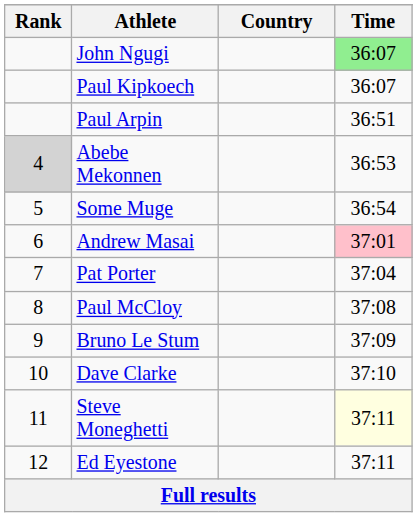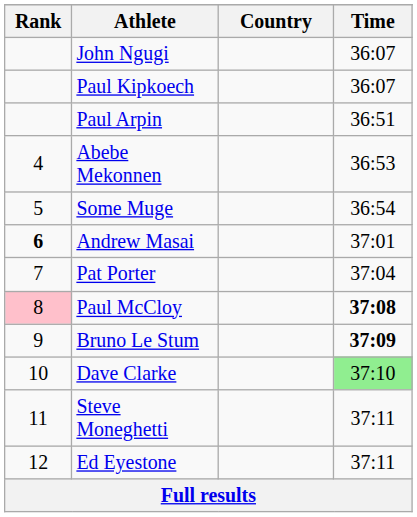 <table class="wikitable sortable" style=" text-align:center; font-size:95%;" width="50%">
 <tr>
 </tr>
 <tr>
 <th width=5%>Rank</th>
 <th width=20%>Athlete</th>
 <th width=15%>Country</th>
 <th width=10%>Time</th>
 </tr>
 <tr>
 <td align=center></td>
 <td align=left><a href='#'>John Ngugi</a></td>
 <td align=left></td>
-<td style="background: lightgreen;">36:07</td>
+<td>36:07</td>
 </tr>
 <tr>
 <td align=center></td>
 <td align=left><a href='#'>Paul Kipkoech</a></td>
 <td align=left></td>
 <td>36:07</td>
 </tr>
 <tr>
 <td align=center></td>
 <td align=left><a href='#'>Paul Arpin</a></td>
 <td align=left></td>
 <td>36:51</td>
 </tr>
 <tr>
-<td align=center style="background: lightgrey;">4</td>
+<td align=center>4</td>
 <td align=left><a href='#'>Abebe Mekonnen</a></td>
 <td align=left></td>
 <td>36:53</td>
 </tr>
 <tr>
 <td align=center>5</td>
 <td align=left><a href='#'>Some Muge</a></td>
 <td align=left></td>
 <td>36:54</td>
 </tr>
 <tr>
-<td align=center>6</td>
+<td align=center><strong>6</strong></td>
 <td align=left><a href='#'>Andrew Masai</a></td>
 <td align=left></td>
-<td style="background: pink;">37:01</td>
+<td>37:01</td>
 </tr>
 <tr>
 <td align=center>7</td>
 <td align=left><a href='#'>Pat Porter</a></td>
 <td align=left></td>
 <td>37:04</td>
 </tr>
 <tr>
-<td align=center>8</td>
+<td align=center style="background: pink;">8</td>
 <td align=left><a href='#'>Paul McCloy</a></td>
 <td align=left></td>
-<td>37:08</td>
+<td><strong>37:08</strong></td>
 </tr>
 <tr>
 <td align=center>9</td>
 <td align=left><a href='#'>Bruno Le Stum</a></td>
 <td align=left></td>
-<td>37:09</td>
+<td><strong>37:09</strong></td>
 </tr>
 <tr>
 <td align=center>10</td>
 <td align=left><a href='#'>Dave Clarke</a></td>
 <td align=left></td>
-<td>37:10</td>
+<td style="background: lightgreen;">37:10</td>
 </tr>
 <tr>
 <td align=center>11</td>
 <td align=left><a href='#'>Steve Moneghetti</a></td>
 <td align=left></td>
-<td style="background: lightyellow;">37:11</td>
+<td>37:11</td>
 </tr>
 <tr>
 <td align=center>12</td>
 <td align=left><a href='#'>Ed Eyestone</a></td>
 <td align=left></td>
 <td>37:11</td>
 </tr>
 <tr class="sortbottom">
 <th colspan=4 align=center><a href='#'>Full results</a></th>
 </tr>
 </table>
